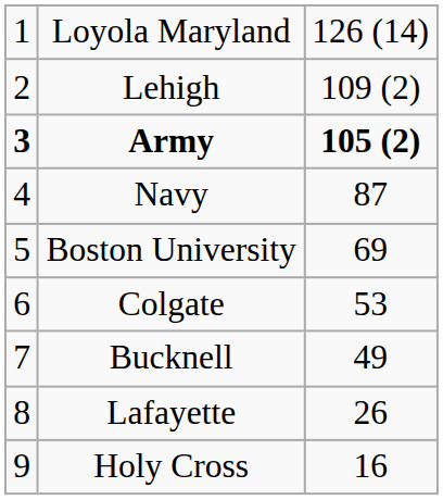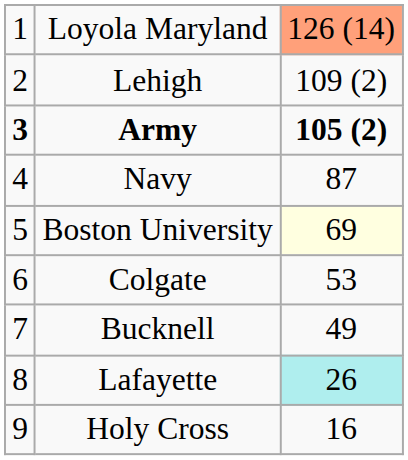 <table class="wikitable">
 <tr align="center">
 </tr>
 <tr align="center">
 <td>1</td>
 <td>Loyola Maryland</td>
-<td>126 (14)</td>
+<td style="background: lightsalmon;">126 (14)</td>
 </tr>
 <tr align="center">
 <td>2</td>
 <td>Lehigh</td>
 <td>109 (2)</td>
 </tr>
 <tr align="center">
 <td><strong>3</strong></td>
 <td><strong>Army</strong></td>
 <td><strong>105 (2)</strong></td>
 </tr>
 <tr align="center">
 <td>4</td>
 <td>Navy</td>
 <td>87</td>
 </tr>
 <tr align="center">
 <td>5</td>
 <td>Boston University</td>
-<td>69</td>
+<td style="background: lightyellow;">69</td>
 </tr>
 <tr align="center">
 <td>6</td>
 <td>Colgate</td>
 <td>53</td>
 </tr>
 <tr align="center">
 <td>7</td>
 <td>Bucknell</td>
 <td>49</td>
 </tr>
 <tr align="center">
 <td>8</td>
 <td>Lafayette</td>
-<td>26</td>
+<td style="background: paleturquoise;">26</td>
 </tr>
 <tr align="center">
 <td>9</td>
 <td>Holy Cross</td>
 <td>16</td>
 </tr>
 </table>
